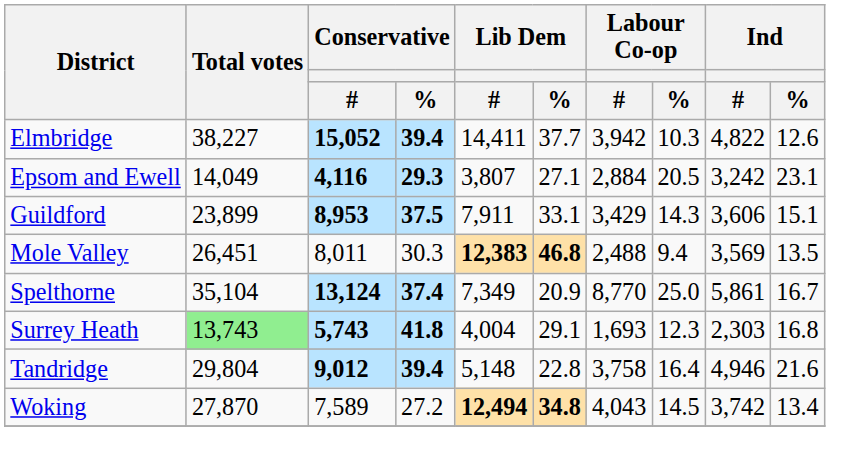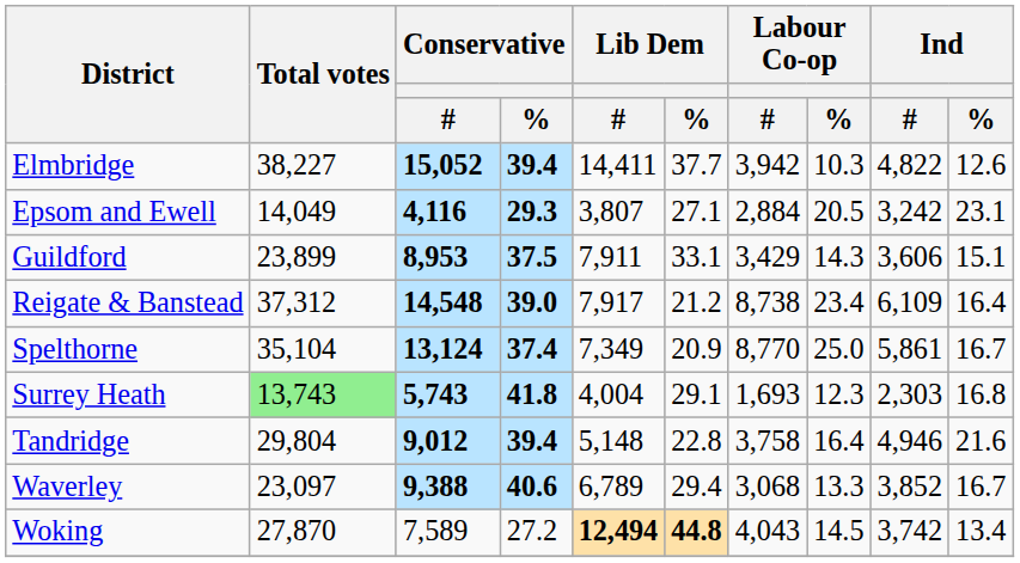 <table class="wikitable sortable">
 <tr>
 <th rowspan=3>District</th>
 <th rowspan=3>Total votes</th>
 <th colspan="2">Conservative</th>
 <th colspan="2">Lib Dem</th>
 <th colspan="2">Labour<br>Co-op</th>
 <th colspan="2">Ind</th>
 </tr>
 <tr>
 <th colspan="2" style="background:"></th>
 <th colspan="2" style="background:"></th>
 <th colspan="2" style="background:"></th>
 <th colspan="2" style="background:"></th>
 </tr>
 <tr>
 <th>#</th>
 <th>%</th>
 <th>#</th>
 <th>%</th>
 <th>#</th>
 <th>%</th>
 <th>#</th>
 <th>%</th>
 </tr>
 <tr>
 <td><a href='#'>Elmbridge</a></td>
 <td>38,227</td>
 <td style="background:#B9E4FF;"><strong>15,052</strong></td>
 <td style="background:#B9E4FF;"><strong>39.4</strong></td>
 <td>14,411</td>
 <td>37.7</td>
 <td>3,942</td>
 <td>10.3</td>
 <td>4,822</td>
 <td>12.6</td>
 </tr>
 <tr>
 <td><a href='#'>Epsom and Ewell</a></td>
 <td>14,049</td>
 <td style="background:#B9E4FF;"><strong>4,116</strong></td>
 <td style="background:#B9E4FF;"><strong>29.3</strong></td>
 <td>3,807</td>
 <td>27.1</td>
 <td>2,884</td>
 <td>20.5</td>
 <td>3,242</td>
 <td>23.1</td>
 </tr>
 <tr>
 <td><a href='#'>Guildford</a></td>
 <td>23,899</td>
 <td style="background:#B9E4FF;"><strong>8,953</strong></td>
 <td style="background:#B9E4FF;"><strong>37.5</strong></td>
 <td>7,911</td>
 <td>33.1</td>
 <td>3,429</td>
 <td>14.3</td>
 <td>3,606</td>
 <td>15.1</td>
 </tr>
 <tr>
-<td><a href='#'>Mole Valley</a></td>
-<td>26,451</td>
-<td>8,011</td>
-<td>30.3</td>
-<td style="background:#FEE1A8;"><strong>12,383</strong></td>
-<td style="background:#FEE1A8;"><strong>46.8</strong></td>
-<td>2,488</td>
-<td>9.4</td>
-<td>3,569</td>
-<td>13.5</td>
+<td><a href='#'>Reigate & Banstead</a></td>
+<td>37,312</td>
+<td style="background:#B9E4FF;"><strong>14,548</strong></td>
+<td style="background:#B9E4FF;"><strong>39.0</strong></td>
+<td>7,917</td>
+<td>21.2</td>
+<td>8,738</td>
+<td>23.4</td>
+<td>6,109</td>
+<td>16.4</td>
 </tr>
 <tr>
 <td><a href='#'>Spelthorne</a></td>
 <td>35,104</td>
 <td style="background:#B9E4FF;"><strong>13,124</strong></td>
 <td style="background:#B9E4FF;"><strong>37.4</strong></td>
 <td>7,349</td>
 <td>20.9</td>
 <td>8,770</td>
 <td>25.0</td>
 <td>5,861</td>
 <td>16.7</td>
 </tr>
 <tr>
 <td><a href='#'>Surrey Heath</a></td>
 <td style="background: lightgreen;">13,743</td>
 <td style="background:#B9E4FF;"><strong>5,743</strong></td>
 <td style="background:#B9E4FF;"><strong>41.8</strong></td>
 <td>4,004</td>
 <td>29.1</td>
 <td>1,693</td>
 <td>12.3</td>
 <td>2,303</td>
 <td>16.8</td>
 </tr>
 <tr>
 <td><a href='#'>Tandridge</a></td>
 <td>29,804</td>
 <td style="background:#B9E4FF;"><strong>9,012</strong></td>
 <td style="background:#B9E4FF;"><strong>39.4</strong></td>
 <td>5,148</td>
 <td>22.8</td>
 <td>3,758</td>
 <td>16.4</td>
 <td>4,946</td>
 <td>21.6</td>
 </tr>
 <tr>
+<td><a href='#'>Waverley</a></td>
+<td>23,097</td>
+<td style="background:#B9E4FF;"><strong>9,388</strong></td>
+<td style="background:#B9E4FF;"><strong>40.6</strong></td>
+<td>6,789</td>
+<td>29.4</td>
+<td>3,068</td>
+<td>13.3</td>
+<td>3,852</td>
+<td>16.7</td>
+</tr>
+<tr>
 <td><a href='#'>Woking</a></td>
 <td>27,870</td>
 <td>7,589</td>
 <td>27.2</td>
 <td style="background:#FEE1A8;"><strong>12,494</strong></td>
-<td style="background:#FEE1A8;"><strong>34.8</strong></td>
+<td style="background:#FEE1A8;"><strong>44.8</strong></td>
 <td>4,043</td>
 <td>14.5</td>
 <td>3,742</td>
 <td>13.4</td>
 </tr>
 <tr>
 </tr>
 </table>
